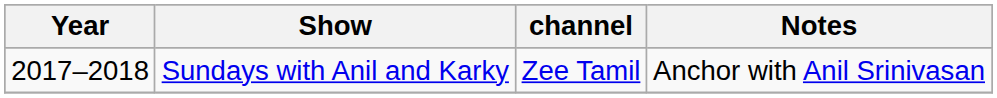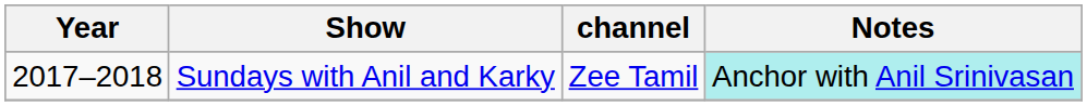 <table class="wikitable">
 <tr>
 <th>Year</th>
 <th>Show</th>
 <th>channel</th>
 <th>Notes</th>
 </tr>
 <tr>
 <td>2017–2018</td>
 <td><a href='#'>Sundays with Anil and Karky</a></td>
 <td><a href='#'>Zee Tamil</a></td>
-<td>Anchor with <a href='#'>Anil Srinivasan</a></td>
+<td style="background: paleturquoise;">Anchor with <a href='#'>Anil Srinivasan</a></td>
 </tr>
 <tr>
 </tr>
 </table>
